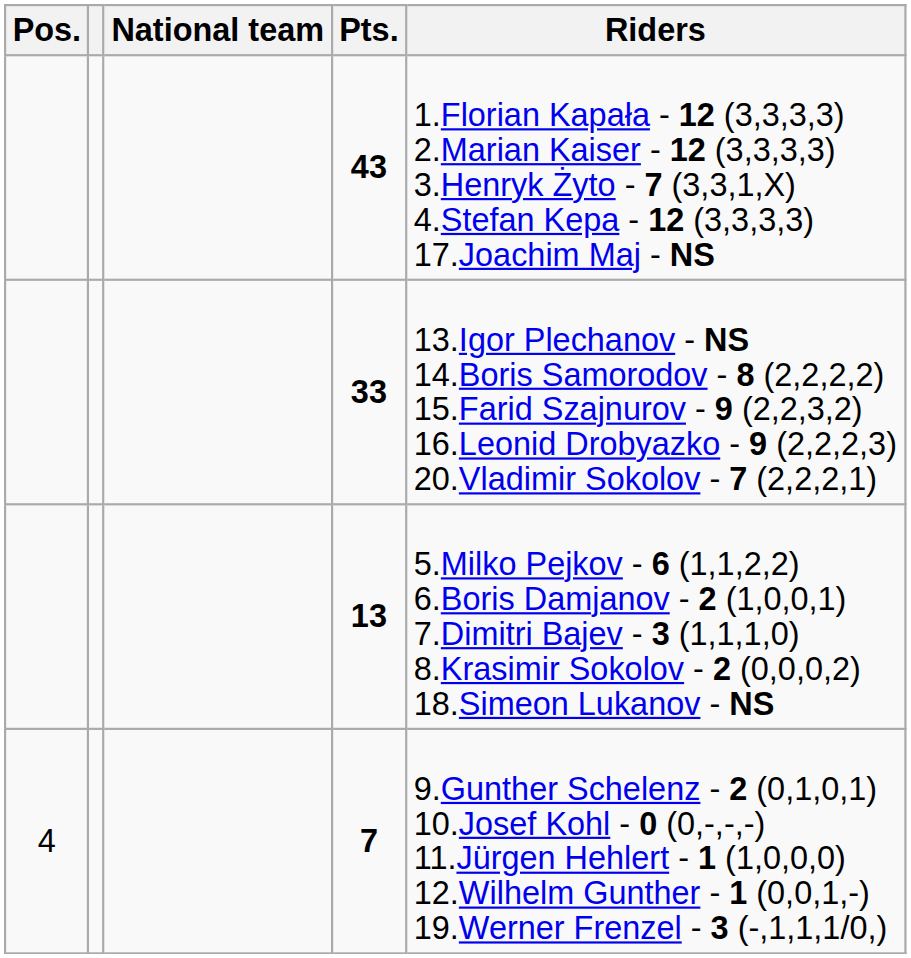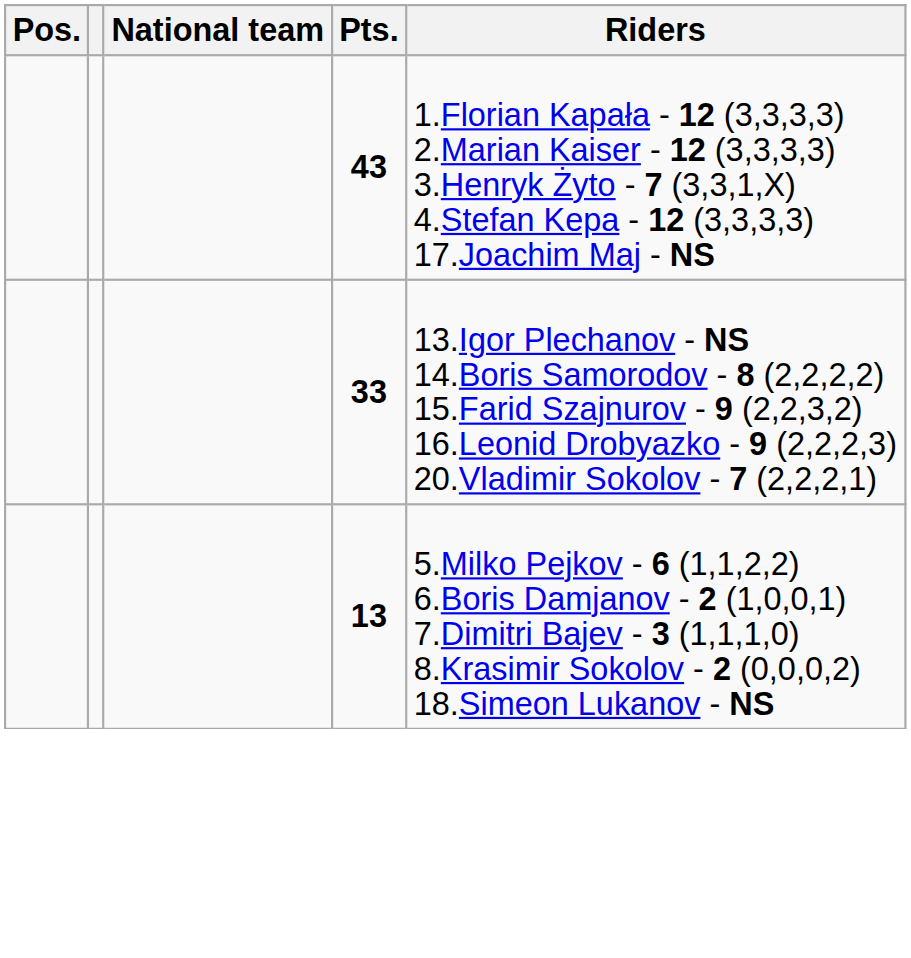 <table class=wikitable style="font-size:93%;">
 <tr>
 <th>Pos.</th>
 <th></th>
 <th>National team</th>
 <th>Pts.</th>
 <th>Riders</th>
 </tr>
 <tr align=center >
 <td></td>
 <td></td>
 <td align=left></td>
 <td><strong>43</strong></td>
 <td align=left><br>1.<a href='#'>Florian Kapała</a> - <strong>12</strong> (3,3,3,3)<br> 2.<a href='#'>Marian Kaiser</a> - <strong>12</strong> (3,3,3,3)<br> 3.<a href='#'>Henryk Żyto</a> - <strong>7</strong> (3,3,1,X)<br> 4.<a href='#'>Stefan Kepa</a> - <strong>12</strong> (3,3,3,3)<br> 17.<a href='#'>Joachim Maj</a> - <strong>NS</strong></td>
 </tr>
 <tr align=center >
 <td></td>
 <td></td>
 <td align=left></td>
 <td><strong>33</strong></td>
 <td align=left><br>13.<a href='#'>Igor Plechanov</a> - <strong>NS</strong> <br> 14.<a href='#'>Boris Samorodov</a> - <strong>8</strong> (2,2,2,2)<br> 15.<a href='#'>Farid Szajnurov</a> - <strong>9</strong> (2,2,3,2)<br> 16.<a href='#'>Leonid Drobyazko</a> - <strong>9</strong> (2,2,2,3)<br> 20.<a href='#'>Vladimir Sokolov</a> - <strong>7</strong> (2,2,2,1)<br></td>
 </tr>
 <tr align=center >
 <td></td>
 <td></td>
 <td align=left></td>
 <td><strong>13</strong></td>
 <td align=left><br>5.<a href='#'>Milko Pejkov</a> - <strong>6</strong> (1,1,2,2)<br> 6.<a href='#'>Boris Damjanov</a> - <strong>2</strong> (1,0,0,1)<br> 7.<a href='#'>Dimitri Bajev</a> - <strong>3</strong> (1,1,1,0)<br> 8.<a href='#'>Krasimir Sokolov</a> - <strong>2</strong> (0,0,0,2)<br> 18.<a href='#'>Simeon Lukanov</a> - <strong>NS</strong></td>
 </tr>
-<tr align=center>
-<td>4</td>
-<td></td>
-<td align=left></td>
-<td><strong>7</strong></td>
-<td align=left><br>9.<a href='#'>Gunther Schelenz</a> - <strong>2</strong> (0,1,0,1)<br> 10.<a href='#'>Josef Kohl</a> - <strong>0</strong> (0,-,-,-)<br> 11.<a href='#'>Jürgen Hehlert</a> - <strong>1</strong> (1,0,0,0)<br> 12.<a href='#'>Wilhelm Gunther</a> - <strong>1</strong> (0,0,1,-)<br> 19.<a href='#'>Werner Frenzel</a> - <strong>3</strong> (-,1,1,1/0,)</td>
-</tr>
 </table>
